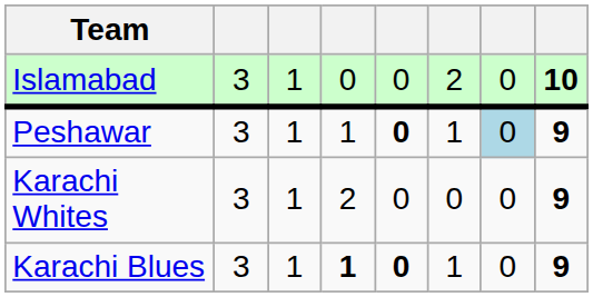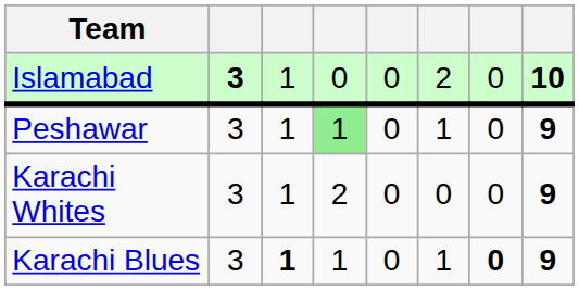 <table class="wikitable sortable" style="text-align: center">
 <tr>
 <th style="width:100px;">Team</th>
 <th style="width:20px;"></th>
 <th style="width:20px;"></th>
 <th style="width:20px;"></th>
 <th style="width:20px;"></th>
 <th style="width:20px;"></th>
 <th style="width:20px;"></th>
 <th style="width:20px;"></th>
 </tr>
 <tr bgcolor="#ccffcc">
 <td style="text-align:left"><a href='#'>Islamabad</a></td>
-<td>3</td>
+<td><strong>3</strong></td>
 <td>1</td>
 <td>0</td>
 <td>0</td>
 <td>2</td>
 <td>0</td>
 <td><strong>10</strong></td>
 </tr>
 <tr style="border-top:solid #000000">
 <td style="text-align:left"><a href='#'>Peshawar</a></td>
 <td>3</td>
 <td>1</td>
+<td style="background: lightgreen;">1</td>
+<td>0</td>
 <td>1</td>
-<td><strong>0</strong></td>
-<td>1</td>
-<td style="background: lightblue;">0</td>
+<td>0</td>
 <td><strong>9</strong></td>
 </tr>
 <tr>
 <td style="text-align:left"><a href='#'>Karachi Whites</a></td>
 <td>3</td>
 <td>1</td>
 <td>2</td>
 <td>0</td>
 <td>0</td>
 <td>0</td>
 <td><strong>9</strong></td>
 </tr>
 <tr>
 <td style="text-align:left"><a href='#'>Karachi Blues</a></td>
 <td>3</td>
-<td>1</td>
 <td><strong>1</strong></td>
-<td><strong>0</strong></td>
 <td>1</td>
 <td>0</td>
+<td>1</td>
+<td><strong>0</strong></td>
 <td><strong>9</strong></td>
 </tr>
 </table>
